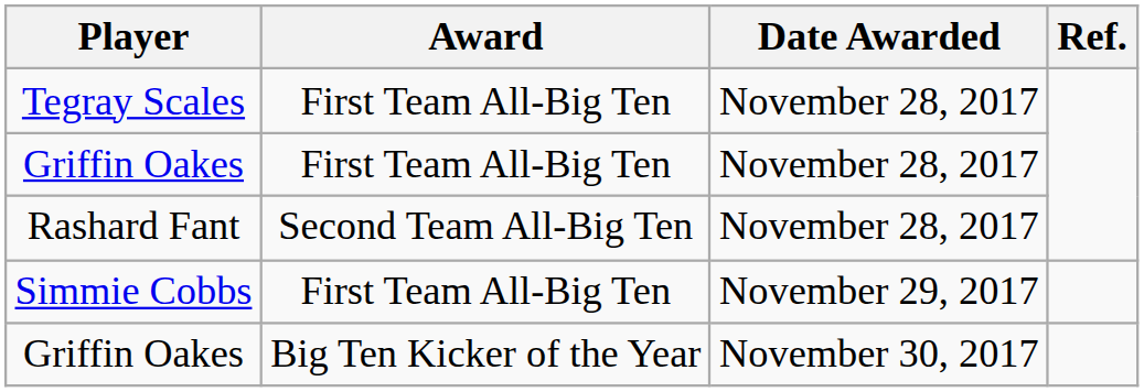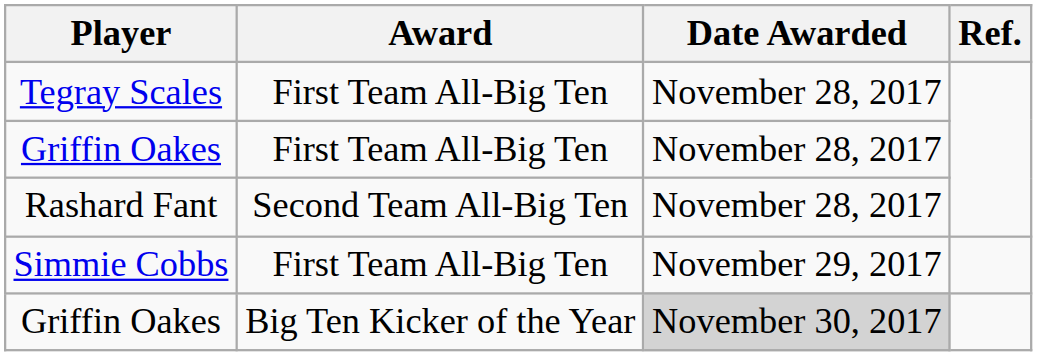 <table class="wikitable sortable sortable" style="text-align: center">
 <tr align=center>
 <th>Player</th>
 <th>Award</th>
 <th>Date Awarded</th>
 <th>Ref.</th>
 </tr>
 <tr>
 <td><a href='#'>Tegray Scales</a></td>
 <td>First Team All-Big Ten</td>
 <td>November 28, 2017</td>
 <td rowspan="3"></td>
 </tr>
 <tr>
 <td><a href='#'>Griffin Oakes</a></td>
 <td>First Team All-Big Ten</td>
 <td>November 28, 2017</td>
 </tr>
 <tr>
 <td>Rashard Fant</td>
 <td>Second Team All-Big Ten</td>
 <td>November 28, 2017</td>
 </tr>
 <tr>
 <td><a href='#'>Simmie Cobbs</a></td>
 <td>First Team All-Big Ten</td>
 <td>November 29, 2017</td>
 <td></td>
 </tr>
 <tr>
 <td>Griffin Oakes</td>
 <td>Big Ten Kicker of the Year</td>
-<td>November 30, 2017</td>
+<td style="background: lightgrey;">November 30, 2017</td>
 <td></td>
 </tr>
 </table>
